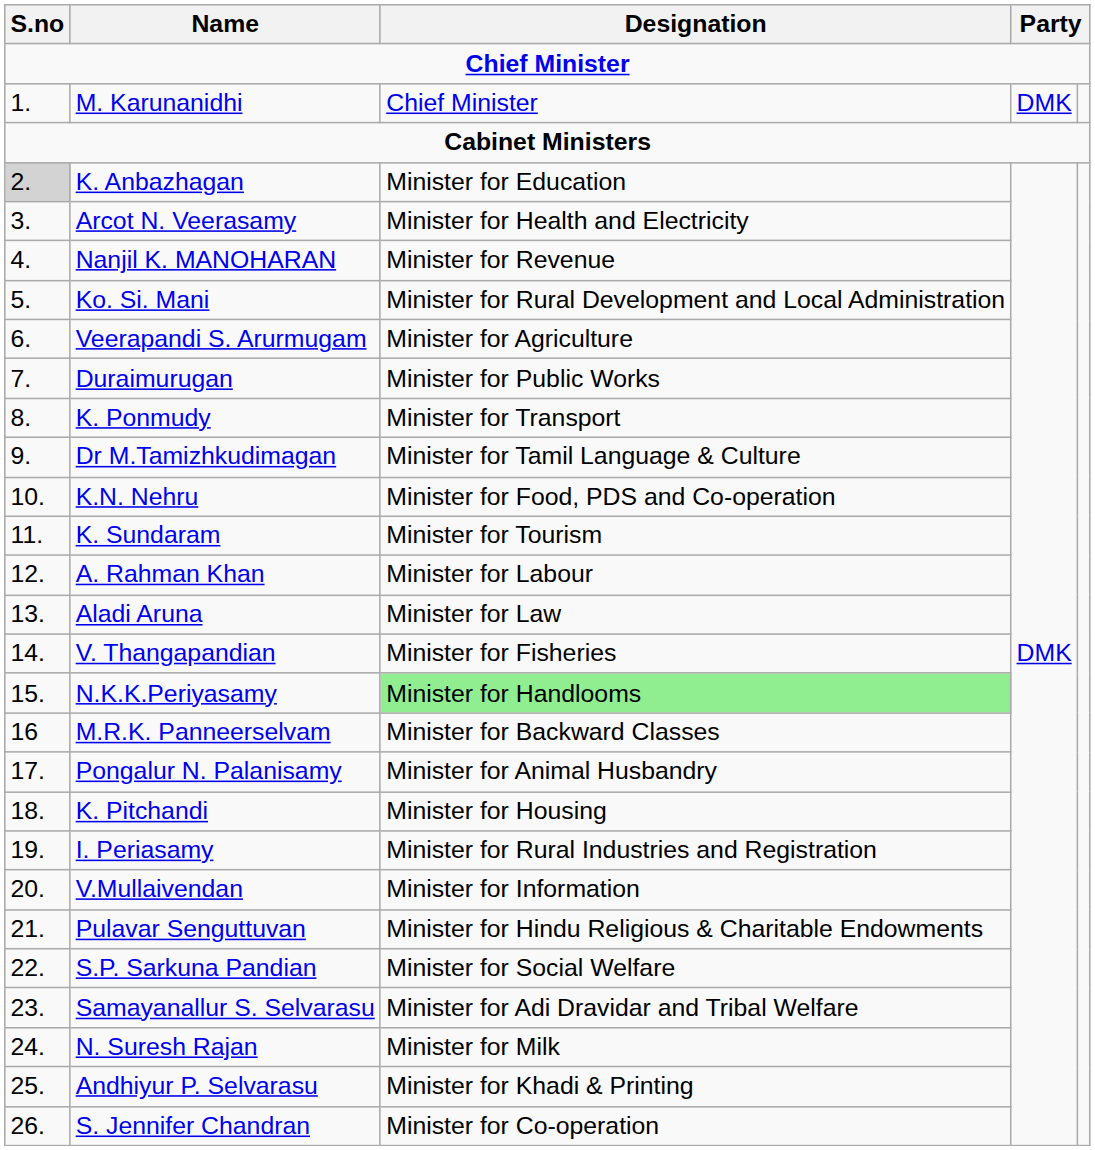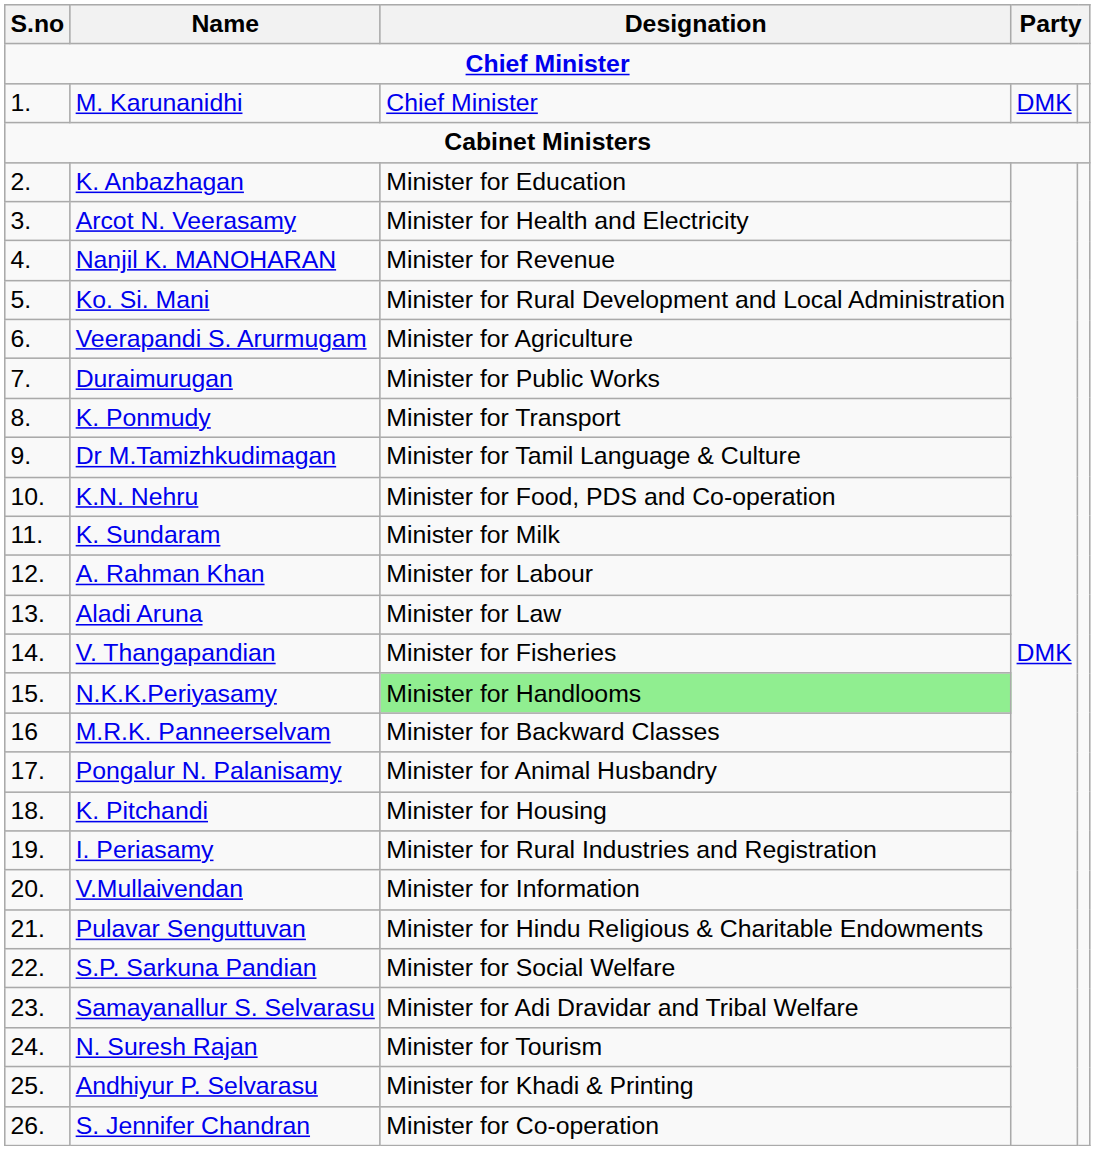 <table class="wikitable">
 <tr>
 <th>S.no</th>
 <th>Name</th>
 <th>Designation</th>
 <th colspan="2" scope="col">Party</th>
 </tr>
 <tr>
 <td colspan="5" style="text-align: center;"><strong><a href='#'>Chief Minister</a></strong></td>
 </tr>
 <tr>
 <td>1.</td>
 <td><a href='#'>M. Karunanidhi</a></td>
 <td><a href='#'>Chief Minister</a></td>
 <td><a href='#'>DMK</a></td>
 <td width="1px" style="background-color: "></td>
 </tr>
 <tr>
 <td colspan="5" style="text-align: center;"><strong>Cabinet Ministers</strong></td>
 </tr>
 <tr>
-<td style="background: lightgrey;">2.</td>
+<td>2.</td>
 <td><a href='#'>K. Anbazhagan</a></td>
 <td>Minister for Education</td>
 <td rowspan="32"><a href='#'>DMK</a></td>
 <td rowspan="32" width="1px" style="background-color: "></td>
 </tr>
 <tr>
 <td>3.</td>
 <td><a href='#'>Arcot N. Veerasamy</a></td>
 <td>Minister for Health and Electricity</td>
 </tr>
 <tr>
 <td>4.</td>
 <td><a href='#'>Nanjil K. MANOHARAN</a></td>
 <td>Minister for Revenue</td>
 </tr>
 <tr>
 <td>5.</td>
 <td><a href='#'>Ko. Si. Mani</a></td>
 <td>Minister for Rural Development and Local Administration</td>
 </tr>
 <tr>
 <td>6.</td>
 <td><a href='#'>Veerapandi S. Arurmugam</a></td>
 <td>Minister for Agriculture</td>
 </tr>
 <tr>
 <td>7.</td>
 <td><a href='#'>Duraimurugan</a></td>
 <td>Minister for Public Works</td>
 </tr>
 <tr>
 <td>8.</td>
 <td><a href='#'>K. Ponmudy</a></td>
 <td>Minister for Transport</td>
 </tr>
 <tr>
 <td>9.</td>
 <td><a href='#'>Dr M.Tamizhkudimagan </a></td>
 <td>Minister for Tamil Language & Culture</td>
 </tr>
 <tr>
 <td>10.</td>
 <td><a href='#'>K.N. Nehru</a></td>
 <td>Minister for Food, PDS and Co-operation</td>
 </tr>
 <tr>
 <td>11.</td>
 <td><a href='#'>K. Sundaram</a></td>
-<td>Minister for Tourism</td>
+<td>Minister for Milk</td>
 </tr>
 <tr>
 <td>12.</td>
 <td><a href='#'>A. Rahman Khan</a></td>
 <td>Minister for Labour</td>
 </tr>
 <tr>
 <td>13.</td>
 <td><a href='#'>Aladi Aruna</a></td>
 <td>Minister for Law</td>
 </tr>
 <tr>
 <td>14.</td>
 <td><a href='#'>V. Thangapandian </a></td>
 <td>Minister for Fisheries</td>
 </tr>
 <tr>
 <td>15.</td>
 <td><a href='#'>N.K.K.Periyasamy</a></td>
 <td style="background: lightgreen;">Minister for Handlooms</td>
 </tr>
 <tr>
 <td>16</td>
 <td><a href='#'>M.R.K. Panneerselvam</a></td>
 <td>Minister for Backward Classes</td>
 </tr>
 <tr>
 <td>17.</td>
 <td><a href='#'>Pongalur N. Palanisamy</a></td>
 <td>Minister for Animal Husbandry</td>
 </tr>
 <tr>
 <td>18.</td>
 <td><a href='#'>K. Pitchandi</a></td>
 <td>Minister for Housing</td>
 </tr>
 <tr>
 <td>19.</td>
 <td><a href='#'>I. Periasamy</a></td>
 <td>Minister for Rural Industries and Registration</td>
 </tr>
 <tr>
 <td>20.</td>
 <td><a href='#'>V.Mullaivendan</a></td>
 <td>Minister for Information</td>
 </tr>
 <tr>
 <td>21.</td>
 <td><a href='#'>Pulavar Senguttuvan</a></td>
 <td>Minister for Hindu Religious & Charitable Endowments</td>
 </tr>
 <tr>
 <td>22.</td>
 <td><a href='#'>S.P. Sarkuna Pandian</a></td>
 <td>Minister for Social Welfare</td>
 </tr>
 <tr>
 <td>23.</td>
 <td><a href='#'>Samayanallur S. Selvarasu</a></td>
 <td>Minister for Adi Dravidar and Tribal Welfare</td>
 </tr>
 <tr>
 <td>24.</td>
 <td><a href='#'>N. Suresh Rajan</a></td>
-<td>Minister for Milk</td>
+<td>Minister for Tourism</td>
 </tr>
 <tr>
 <td>25.</td>
 <td><a href='#'>Andhiyur P. Selvarasu</a></td>
 <td>Minister for Khadi & Printing</td>
 </tr>
 <tr>
 <td>26.</td>
 <td><a href='#'>S. Jennifer Chandran</a></td>
 <td>Minister for Co-operation</td>
 </tr>
 </table>
